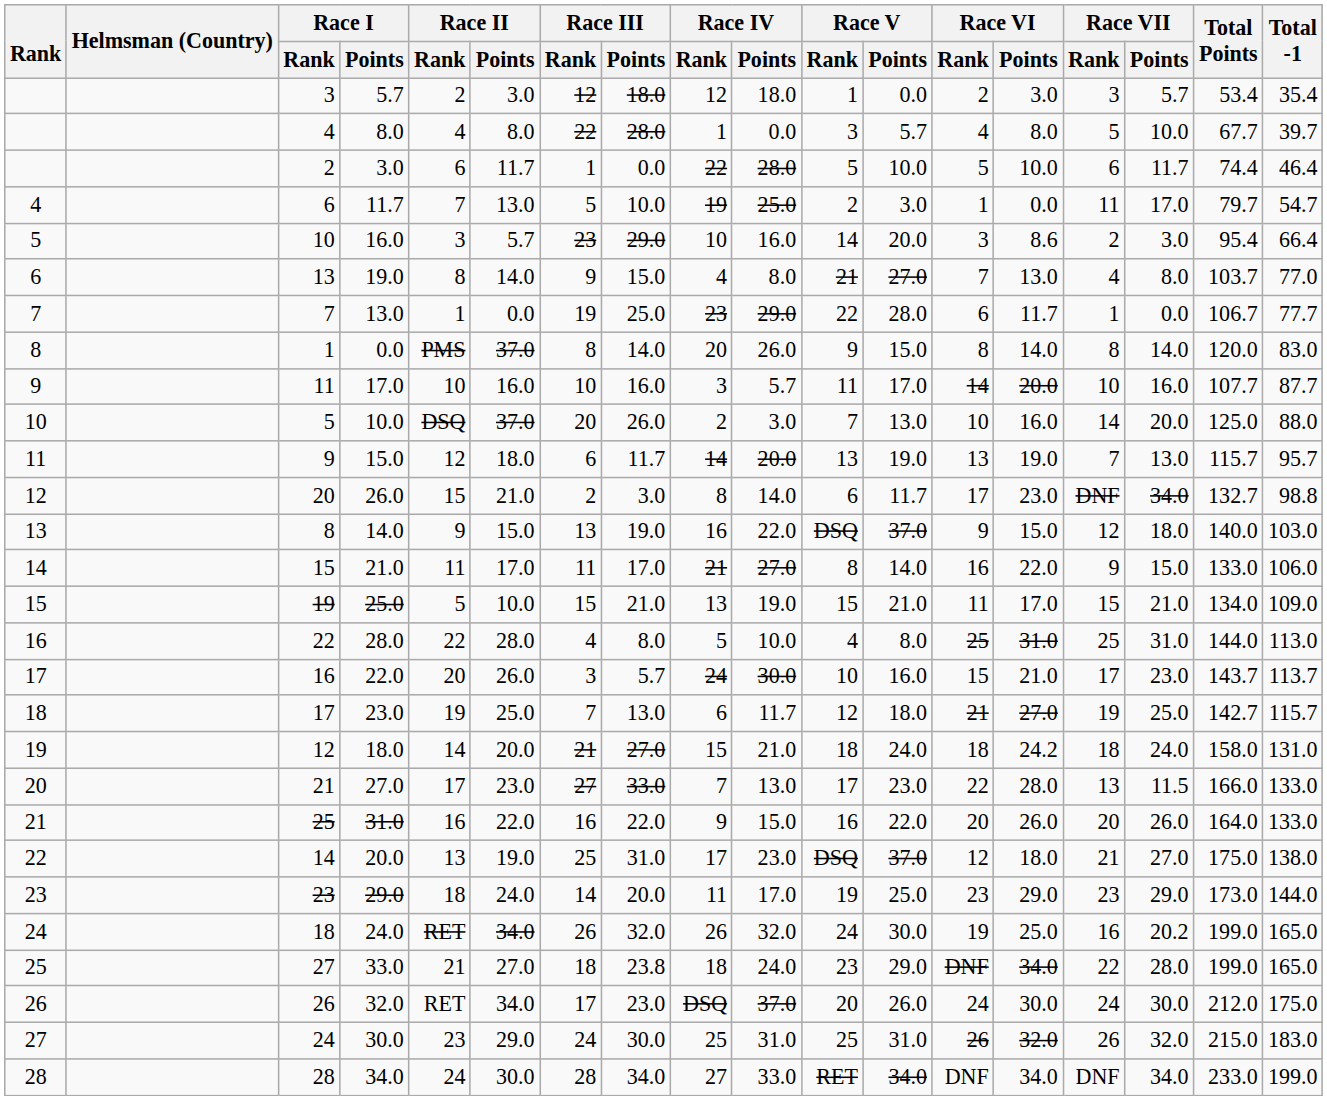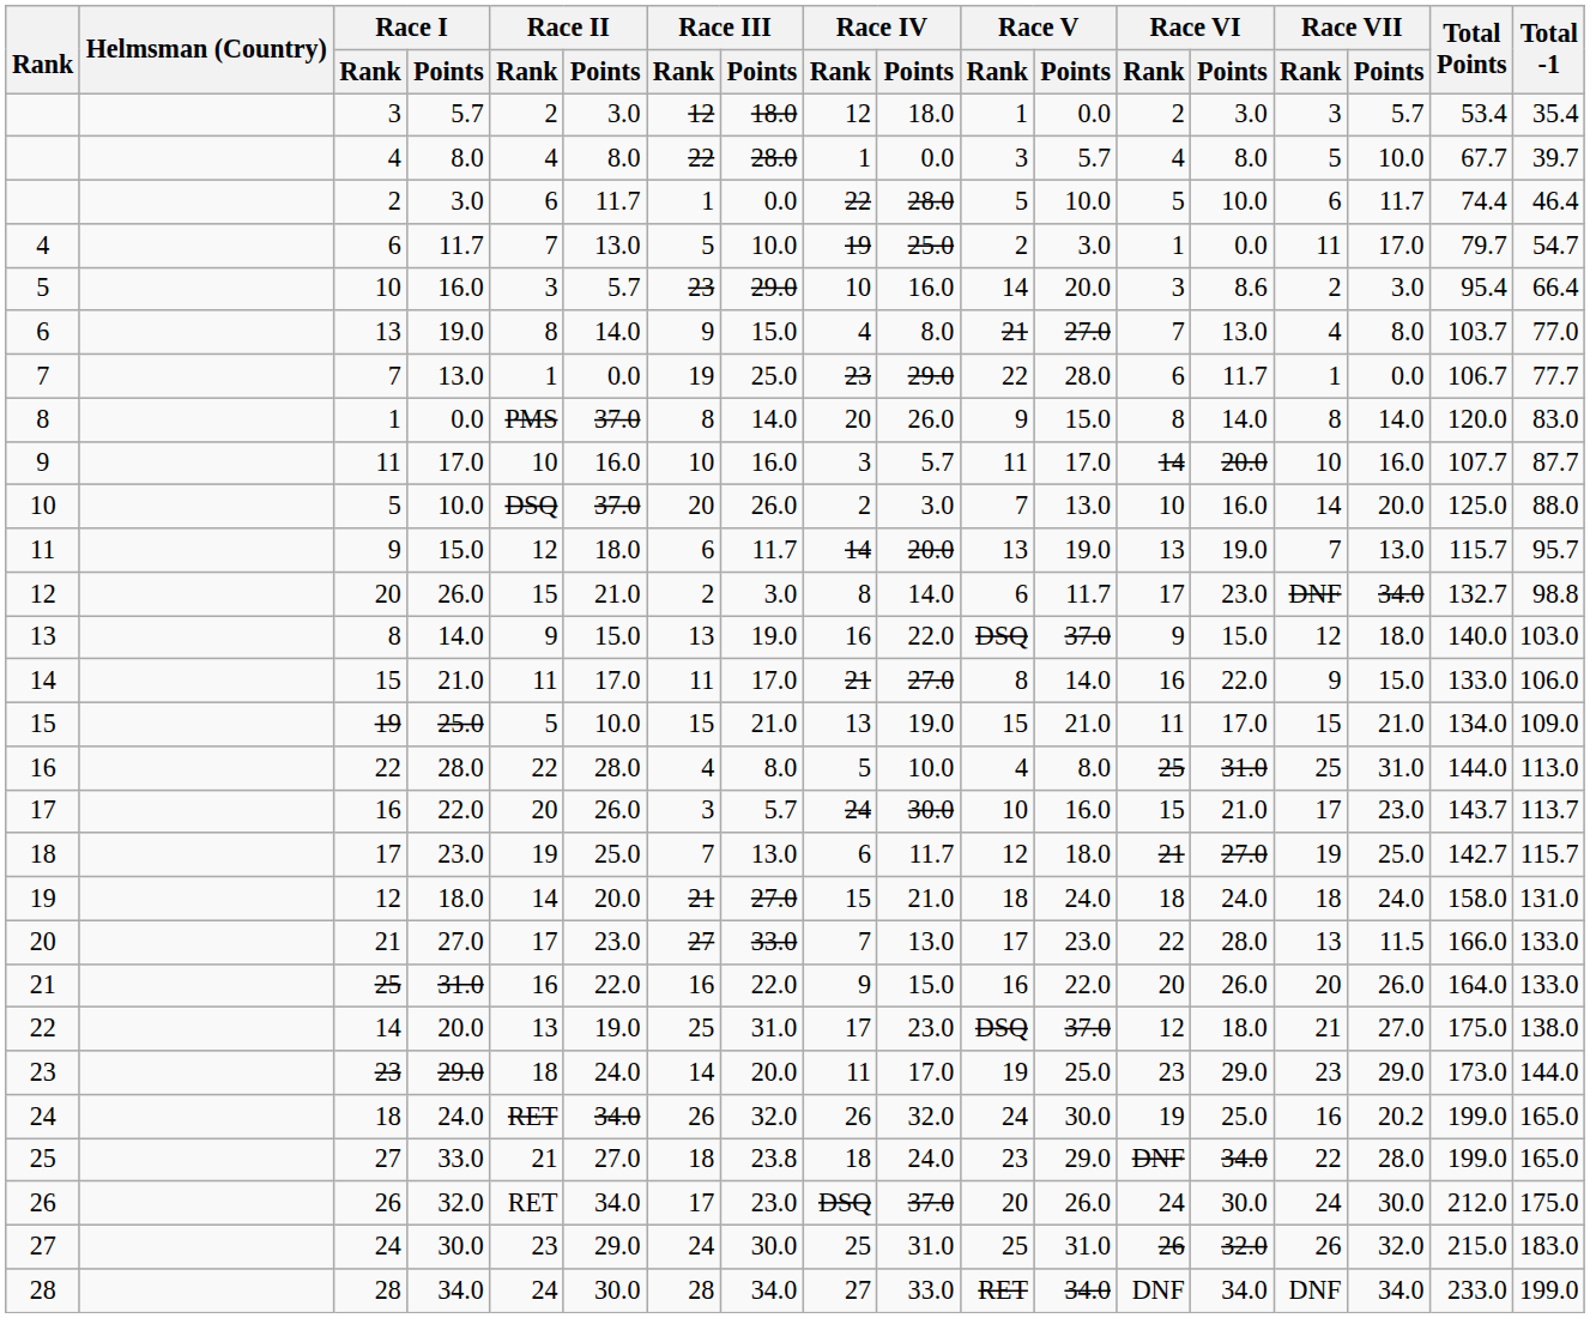 <table class="wikitable" style="text-align:right; font-size:90%">
 <tr>
 <th rowspan="2"><br>Rank</th>
 <th rowspan="2">Helmsman (Country)</th>
 <th colspan="2">Race I</th>
 <th colspan="2">Race II</th>
 <th colspan="2">Race III</th>
 <th colspan="2">Race IV</th>
 <th colspan="2">Race V</th>
 <th colspan="2">Race VI</th>
 <th colspan="2">Race VII</th>
 <th rowspan="2">Total <br>Points <br> </th>
 <th rowspan="2">Total<br>-1<br> </th>
 </tr>
 <tr>
 <th>Rank</th>
 <th>Points</th>
 <th>Rank</th>
 <th>Points</th>
 <th>Rank</th>
 <th>Points</th>
 <th>Rank</th>
 <th>Points</th>
 <th>Rank</th>
 <th>Points</th>
 <th>Rank</th>
 <th>Points</th>
 <th>Rank</th>
 <th>Points</th>
 </tr>
 <tr>
 <td align=center></td>
 <td align=left></td>
 <td>3</td>
 <td>5.7</td>
 <td>2</td>
 <td>3.0</td>
 <td><s>12</s></td>
 <td><s>18.0</s></td>
 <td>12</td>
 <td>18.0</td>
 <td>1</td>
 <td>0.0</td>
 <td>2</td>
 <td>3.0</td>
 <td>3</td>
 <td>5.7</td>
 <td>53.4</td>
 <td>35.4</td>
 </tr>
 <tr>
 <td align=center></td>
 <td align=left></td>
 <td>4</td>
 <td>8.0</td>
 <td>4</td>
 <td>8.0</td>
 <td><s>22</s></td>
 <td><s>28.0</s></td>
 <td>1</td>
 <td>0.0</td>
 <td>3</td>
 <td>5.7</td>
 <td>4</td>
 <td>8.0</td>
 <td>5</td>
 <td>10.0</td>
 <td>67.7</td>
 <td>39.7</td>
 </tr>
 <tr>
 <td align=center></td>
 <td align=left></td>
 <td>2</td>
 <td>3.0</td>
 <td>6</td>
 <td>11.7</td>
 <td>1</td>
 <td>0.0</td>
 <td><s>22</s></td>
 <td><s>28.0</s></td>
 <td>5</td>
 <td>10.0</td>
 <td>5</td>
 <td>10.0</td>
 <td>6</td>
 <td>11.7</td>
 <td>74.4</td>
 <td>46.4</td>
 </tr>
 <tr>
 <td align=center>4</td>
 <td align=left></td>
 <td>6</td>
 <td>11.7</td>
 <td>7</td>
 <td>13.0</td>
 <td>5</td>
 <td>10.0</td>
 <td><s>19</s></td>
 <td><s>25.0</s></td>
 <td>2</td>
 <td>3.0</td>
 <td>1</td>
 <td>0.0</td>
 <td>11</td>
 <td>17.0</td>
 <td>79.7</td>
 <td>54.7</td>
 </tr>
 <tr>
 <td align=center>5</td>
 <td align=left></td>
 <td>10</td>
 <td>16.0</td>
 <td>3</td>
 <td>5.7</td>
 <td><s>23</s></td>
 <td><s>29.0</s></td>
 <td>10</td>
 <td>16.0</td>
 <td>14</td>
 <td>20.0</td>
 <td>3</td>
 <td>8.6</td>
 <td>2</td>
 <td>3.0</td>
 <td>95.4</td>
 <td>66.4</td>
 </tr>
 <tr>
 <td align=center>6</td>
 <td align=left></td>
 <td>13</td>
 <td>19.0</td>
 <td>8</td>
 <td>14.0</td>
 <td>9</td>
 <td>15.0</td>
 <td>4</td>
 <td>8.0</td>
 <td><s>21</s></td>
 <td><s>27.0</s></td>
 <td>7</td>
 <td>13.0</td>
 <td>4</td>
 <td>8.0</td>
 <td>103.7</td>
 <td>77.0</td>
 </tr>
 <tr>
 <td align=center>7</td>
 <td align=left></td>
 <td>7</td>
 <td>13.0</td>
 <td>1</td>
 <td>0.0</td>
 <td>19</td>
 <td>25.0</td>
 <td><s>23</s></td>
 <td><s>29.0</s></td>
 <td>22</td>
 <td>28.0</td>
 <td>6</td>
 <td>11.7</td>
 <td>1</td>
 <td>0.0</td>
 <td>106.7</td>
 <td>77.7</td>
 </tr>
 <tr>
 <td align=center>8</td>
 <td align=left></td>
 <td>1</td>
 <td>0.0</td>
 <td><s>PMS</s></td>
 <td><s>37.0</s></td>
 <td>8</td>
 <td>14.0</td>
 <td>20</td>
 <td>26.0</td>
 <td>9</td>
 <td>15.0</td>
 <td>8</td>
 <td>14.0</td>
 <td>8</td>
 <td>14.0</td>
 <td>120.0</td>
 <td>83.0</td>
 </tr>
 <tr>
 <td align=center>9</td>
 <td align=left></td>
 <td>11</td>
 <td>17.0</td>
 <td>10</td>
 <td>16.0</td>
 <td>10</td>
 <td>16.0</td>
 <td>3</td>
 <td>5.7</td>
 <td>11</td>
 <td>17.0</td>
 <td><s>14</s></td>
 <td><s>20.0</s></td>
 <td>10</td>
 <td>16.0</td>
 <td>107.7</td>
 <td>87.7</td>
 </tr>
 <tr>
 <td align=center>10</td>
 <td align=left></td>
 <td>5</td>
 <td>10.0</td>
 <td><s>DSQ</s></td>
 <td><s>37.0</s></td>
 <td>20</td>
 <td>26.0</td>
 <td>2</td>
 <td>3.0</td>
 <td>7</td>
 <td>13.0</td>
 <td>10</td>
 <td>16.0</td>
 <td>14</td>
 <td>20.0</td>
 <td>125.0</td>
 <td>88.0</td>
 </tr>
 <tr>
 <td align=center>11</td>
 <td align=left></td>
 <td>9</td>
 <td>15.0</td>
 <td>12</td>
 <td>18.0</td>
 <td>6</td>
 <td>11.7</td>
 <td><s>14</s></td>
 <td><s>20.0</s></td>
 <td>13</td>
 <td>19.0</td>
 <td>13</td>
 <td>19.0</td>
 <td>7</td>
 <td>13.0</td>
 <td>115.7</td>
 <td>95.7</td>
 </tr>
 <tr>
 <td align=center>12</td>
 <td align=left></td>
 <td>20</td>
 <td>26.0</td>
 <td>15</td>
 <td>21.0</td>
 <td>2</td>
 <td>3.0</td>
 <td>8</td>
 <td>14.0</td>
 <td>6</td>
 <td>11.7</td>
 <td>17</td>
 <td>23.0</td>
 <td><s>DNF</s></td>
 <td><s>34.0</s></td>
 <td>132.7</td>
 <td>98.8</td>
 </tr>
 <tr>
 <td align=center>13</td>
 <td align=left></td>
 <td>8</td>
 <td>14.0</td>
 <td>9</td>
 <td>15.0</td>
 <td>13</td>
 <td>19.0</td>
 <td>16</td>
 <td>22.0</td>
 <td><s>DSQ</s></td>
 <td><s>37.0</s></td>
 <td>9</td>
 <td>15.0</td>
 <td>12</td>
 <td>18.0</td>
 <td>140.0</td>
 <td>103.0</td>
 </tr>
 <tr>
 <td align=center>14</td>
 <td align=left></td>
 <td>15</td>
 <td>21.0</td>
 <td>11</td>
 <td>17.0</td>
 <td>11</td>
 <td>17.0</td>
 <td><s>21</s></td>
 <td><s>27.0</s></td>
 <td>8</td>
 <td>14.0</td>
 <td>16</td>
 <td>22.0</td>
 <td>9</td>
 <td>15.0</td>
 <td>133.0</td>
 <td>106.0</td>
 </tr>
 <tr>
 <td align=center>15</td>
 <td align=left></td>
 <td><s>19</s></td>
 <td><s>25.0</s></td>
 <td>5</td>
 <td>10.0</td>
 <td>15</td>
 <td>21.0</td>
 <td>13</td>
 <td>19.0</td>
 <td>15</td>
 <td>21.0</td>
 <td>11</td>
 <td>17.0</td>
 <td>15</td>
 <td>21.0</td>
 <td>134.0</td>
 <td>109.0</td>
 </tr>
 <tr>
 <td align=center>16</td>
 <td align=left></td>
 <td>22</td>
 <td>28.0</td>
 <td>22</td>
 <td>28.0</td>
 <td>4</td>
 <td>8.0</td>
 <td>5</td>
 <td>10.0</td>
 <td>4</td>
 <td>8.0</td>
 <td><s>25</s></td>
 <td><s>31.0</s></td>
 <td>25</td>
 <td>31.0</td>
 <td>144.0</td>
 <td>113.0</td>
 </tr>
 <tr>
 <td align=center>17</td>
 <td align=left></td>
 <td>16</td>
 <td>22.0</td>
 <td>20</td>
 <td>26.0</td>
 <td>3</td>
 <td>5.7</td>
 <td><s>24</s></td>
 <td><s>30.0</s></td>
 <td>10</td>
 <td>16.0</td>
 <td>15</td>
 <td>21.0</td>
 <td>17</td>
 <td>23.0</td>
 <td>143.7</td>
 <td>113.7</td>
 </tr>
 <tr>
 <td align=center>18</td>
 <td align=left></td>
 <td>17</td>
 <td>23.0</td>
 <td>19</td>
 <td>25.0</td>
 <td>7</td>
 <td>13.0</td>
 <td>6</td>
 <td>11.7</td>
 <td>12</td>
 <td>18.0</td>
 <td><s>21</s></td>
 <td><s>27.0</s></td>
 <td>19</td>
 <td>25.0</td>
 <td>142.7</td>
 <td>115.7</td>
 </tr>
 <tr>
 <td align=center>19</td>
 <td align=left></td>
 <td>12</td>
 <td>18.0</td>
 <td>14</td>
 <td>20.0</td>
 <td><s>21</s></td>
 <td><s>27.0</s></td>
 <td>15</td>
 <td>21.0</td>
 <td>18</td>
 <td>24.0</td>
 <td>18</td>
-<td>24.2</td>
+<td>24.0</td>
 <td>18</td>
 <td>24.0</td>
 <td>158.0</td>
 <td>131.0</td>
 </tr>
 <tr>
 <td align=center>20</td>
 <td align=left></td>
 <td>21</td>
 <td>27.0</td>
 <td>17</td>
 <td>23.0</td>
 <td><s>27</s></td>
 <td><s>33.0</s></td>
 <td>7</td>
 <td>13.0</td>
 <td>17</td>
 <td>23.0</td>
 <td>22</td>
 <td>28.0</td>
 <td>13</td>
 <td>11.5</td>
 <td>166.0</td>
 <td>133.0</td>
 </tr>
 <tr>
 <td align=center>21</td>
 <td align=left></td>
 <td><s>25</s></td>
 <td><s>31.0</s></td>
 <td>16</td>
 <td>22.0</td>
 <td>16</td>
 <td>22.0</td>
 <td>9</td>
 <td>15.0</td>
 <td>16</td>
 <td>22.0</td>
 <td>20</td>
 <td>26.0</td>
 <td>20</td>
 <td>26.0</td>
 <td>164.0</td>
 <td>133.0</td>
 </tr>
 <tr>
 <td align=center>22</td>
 <td align=left></td>
 <td>14</td>
 <td>20.0</td>
 <td>13</td>
 <td>19.0</td>
 <td>25</td>
 <td>31.0</td>
 <td>17</td>
 <td>23.0</td>
 <td><s>DSQ</s></td>
 <td><s>37.0</s></td>
 <td>12</td>
 <td>18.0</td>
 <td>21</td>
 <td>27.0</td>
 <td>175.0</td>
 <td>138.0</td>
 </tr>
 <tr>
 <td align=center>23</td>
 <td align=left></td>
 <td><s>23</s></td>
 <td><s>29.0</s></td>
 <td>18</td>
 <td>24.0</td>
 <td>14</td>
 <td>20.0</td>
 <td>11</td>
 <td>17.0</td>
 <td>19</td>
 <td>25.0</td>
 <td>23</td>
 <td>29.0</td>
 <td>23</td>
 <td>29.0</td>
 <td>173.0</td>
 <td>144.0</td>
 </tr>
 <tr>
 <td align=center>24</td>
 <td align=left></td>
 <td>18</td>
 <td>24.0</td>
 <td><s>RET</s></td>
 <td><s>34.0</s></td>
 <td>26</td>
 <td>32.0</td>
 <td>26</td>
 <td>32.0</td>
 <td>24</td>
 <td>30.0</td>
 <td>19</td>
 <td>25.0</td>
 <td>16</td>
 <td>20.2</td>
 <td>199.0</td>
 <td>165.0</td>
 </tr>
 <tr>
 <td align=center>25</td>
 <td align=left></td>
 <td>27</td>
 <td>33.0</td>
 <td>21</td>
 <td>27.0</td>
 <td>18</td>
 <td>23.8</td>
 <td>18</td>
 <td>24.0</td>
 <td>23</td>
 <td>29.0</td>
 <td><s>DNF</s></td>
 <td><s>34.0</s></td>
 <td>22</td>
 <td>28.0</td>
 <td>199.0</td>
 <td>165.0</td>
 </tr>
 <tr>
 <td align=center>26</td>
 <td align=left></td>
 <td>26</td>
 <td>32.0</td>
 <td>RET</td>
 <td>34.0</td>
 <td>17</td>
 <td>23.0</td>
 <td><s>DSQ</s></td>
 <td><s>37.0</s></td>
 <td>20</td>
 <td>26.0</td>
 <td>24</td>
 <td>30.0</td>
 <td>24</td>
 <td>30.0</td>
 <td>212.0</td>
 <td>175.0</td>
 </tr>
 <tr>
 <td align=center>27</td>
 <td align=left></td>
 <td>24</td>
 <td>30.0</td>
 <td>23</td>
 <td>29.0</td>
 <td>24</td>
 <td>30.0</td>
 <td>25</td>
 <td>31.0</td>
 <td>25</td>
 <td>31.0</td>
 <td><s>26</s></td>
 <td><s>32.0</s></td>
 <td>26</td>
 <td>32.0</td>
 <td>215.0</td>
 <td>183.0</td>
 </tr>
 <tr>
 <td align=center>28</td>
 <td align=left></td>
 <td>28</td>
 <td>34.0</td>
 <td>24</td>
 <td>30.0</td>
 <td>28</td>
 <td>34.0</td>
 <td>27</td>
 <td>33.0</td>
 <td><s>RET</s></td>
 <td><s>34.0</s></td>
 <td>DNF</td>
 <td>34.0</td>
 <td>DNF</td>
 <td>34.0</td>
 <td>233.0</td>
 <td>199.0</td>
 </tr>
 </table>
